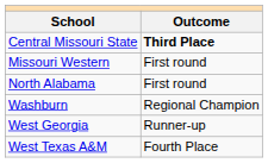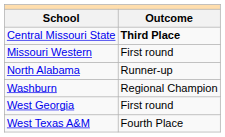 <table class="wikitable" style="float:left; margin-right:1em;">
 <tr>
 <th colspan="3" style="background:#ffdead;"></th>
 </tr>
 <tr>
 <th>School</th>
 <th>Outcome</th>
 </tr>
 <tr>
 <td><a href='#'>Central Missouri State</a></td>
 <td><strong>Third Place</strong></td>
 </tr>
 <tr>
 <td><a href='#'>Missouri Western</a></td>
 <td>First round</td>
 </tr>
 <tr>
 <td><a href='#'>North Alabama</a></td>
-<td>First round</td>
+<td>Runner-up</td>
 </tr>
 <tr>
 <td><a href='#'>Washburn</a></td>
 <td>Regional Champion</td>
 </tr>
 <tr>
 <td><a href='#'>West Georgia</a></td>
-<td>Runner-up</td>
+<td>First round</td>
 </tr>
 <tr>
 <td><a href='#'>West Texas A&M</a></td>
 <td>Fourth Place</td>
 </tr>
 </table>
